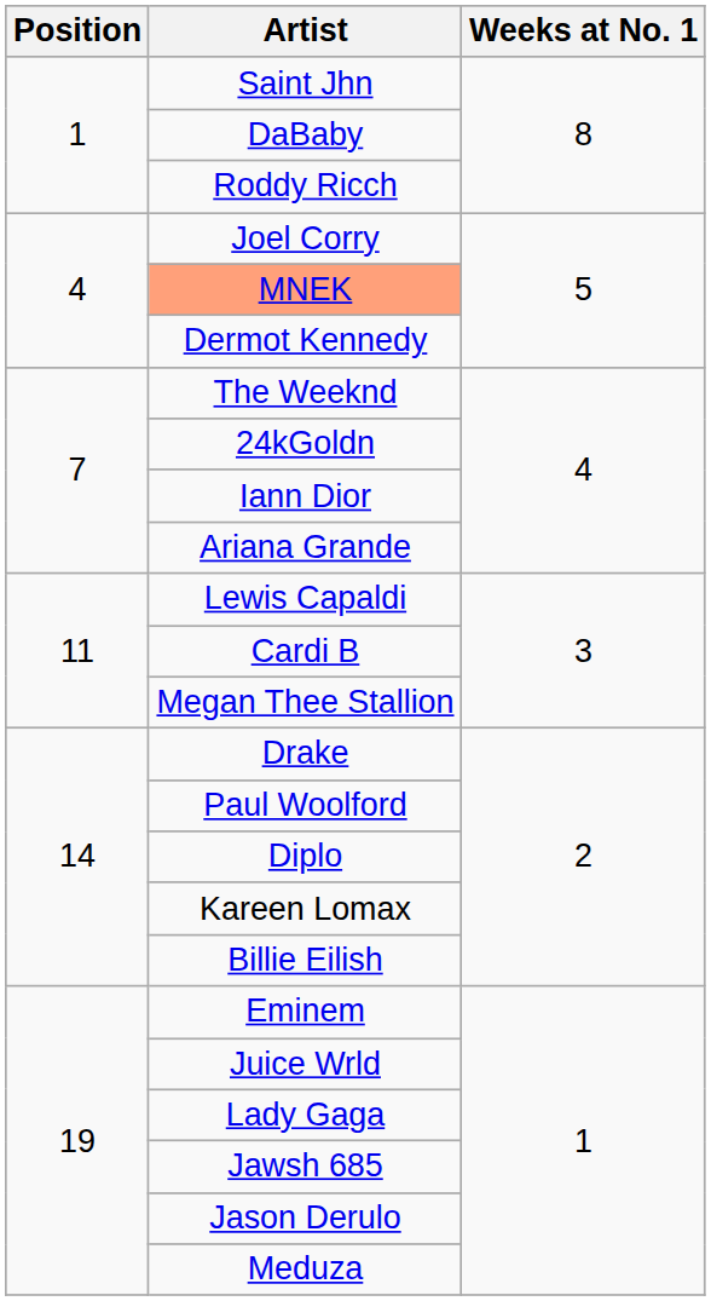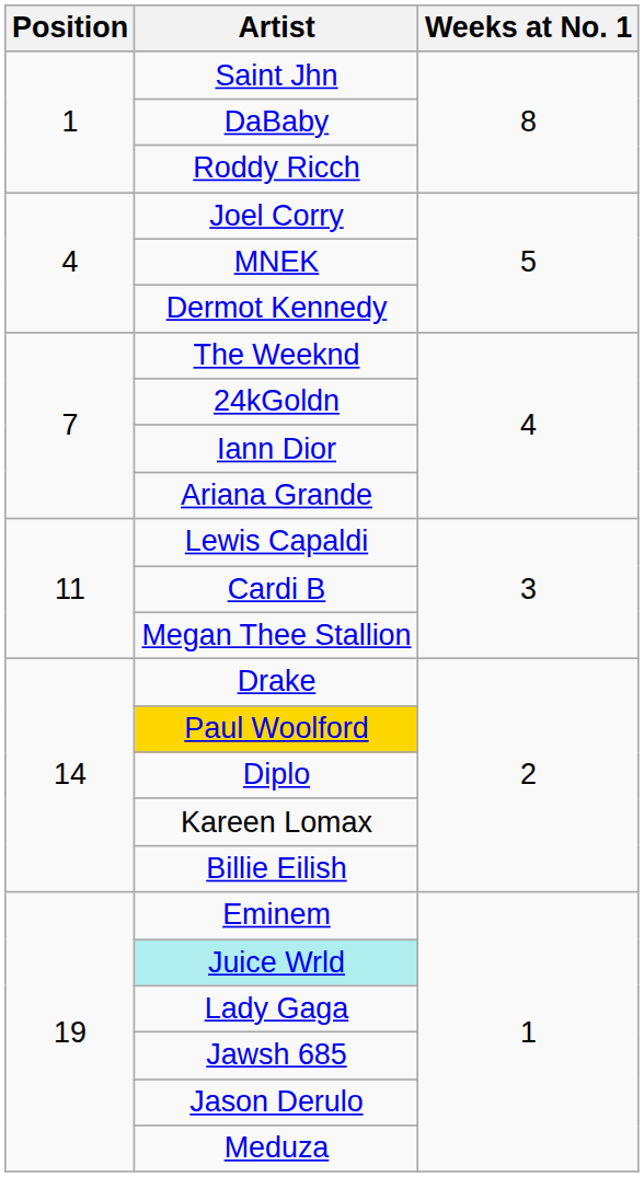 <table class="wikitable">
 <tr>
 <th style="text-align: center;">Position</th>
 <th style="text-align: center;">Artist</th>
 <th style="text-align: center;">Weeks at No. 1</th>
 </tr>
 <tr>
 <td style="text-align: center;" rowspan="3">1</td>
 <td style="text-align: center;"><a href='#'>Saint Jhn</a></td>
 <td style="text-align: center;" rowspan="3">8</td>
 </tr>
 <tr>
 <td style="text-align: center;"><a href='#'>DaBaby</a></td>
 </tr>
 <tr>
 <td style="text-align: center;"><a href='#'>Roddy Ricch</a></td>
 </tr>
 <tr>
 <td style="text-align: center;" rowspan="3">4</td>
 <td style="text-align: center;"><a href='#'>Joel Corry</a></td>
 <td style="text-align: center;" rowspan="3">5</td>
 </tr>
 <tr>
-<td style="background: lightsalmon; text-align: center;"><a href='#'>MNEK</a></td>
+<td style="text-align: center;"><a href='#'>MNEK</a></td>
 </tr>
 <tr>
 <td style="text-align: center;"><a href='#'>Dermot Kennedy</a></td>
 </tr>
 <tr>
 <td style="text-align: center;" rowspan="4">7</td>
 <td style="text-align: center;"><a href='#'>The Weeknd</a></td>
 <td style="text-align: center;" rowspan="4">4</td>
 </tr>
 <tr>
 <td style="text-align: center;"><a href='#'>24kGoldn</a></td>
 </tr>
 <tr>
 <td style="text-align: center;"><a href='#'>Iann Dior</a></td>
 </tr>
 <tr>
 <td style="text-align: center;"><a href='#'>Ariana Grande</a></td>
 </tr>
 <tr>
 <td style="text-align: center;" rowspan="3">11</td>
 <td style="text-align: center;"><a href='#'>Lewis Capaldi</a></td>
 <td style="text-align: center;" rowspan="3">3</td>
 </tr>
 <tr>
 <td style="text-align: center;"><a href='#'>Cardi B</a></td>
 </tr>
 <tr>
 <td style="text-align: center;"><a href='#'>Megan Thee Stallion</a></td>
 </tr>
 <tr>
 <td style="text-align: center;" rowspan="5">14</td>
 <td style="text-align: center;"><a href='#'>Drake</a></td>
 <td style="text-align: center;" rowspan="5">2</td>
 </tr>
 <tr>
-<td style="text-align: center;"><a href='#'>Paul Woolford</a></td>
+<td style="background: gold; text-align: center;"><a href='#'>Paul Woolford</a></td>
 </tr>
 <tr>
 <td style="text-align: center;"><a href='#'>Diplo</a></td>
 </tr>
 <tr>
 <td style="text-align: center;">Kareen Lomax</td>
 </tr>
 <tr>
 <td style="text-align: center;"><a href='#'>Billie Eilish</a></td>
 </tr>
 <tr>
 <td style="text-align: center;" rowspan="7">19</td>
 <td style="text-align: center;"><a href='#'>Eminem</a></td>
 <td style="text-align: center;" rowspan="7">1</td>
 </tr>
 <tr>
-<td style="text-align: center;"><a href='#'>Juice Wrld</a></td>
+<td style="background: paleturquoise; text-align: center;"><a href='#'>Juice Wrld</a></td>
 </tr>
 <tr>
 <td style="text-align: center;"><a href='#'>Lady Gaga</a></td>
 </tr>
 <tr>
 <td style="text-align: center;"><a href='#'>Jawsh 685</a></td>
 </tr>
 <tr>
 <td style="text-align: center;"><a href='#'>Jason Derulo</a></td>
 </tr>
 <tr>
 <td style="text-align: center;"><a href='#'>Meduza</a></td>
 </tr>
 </table>
